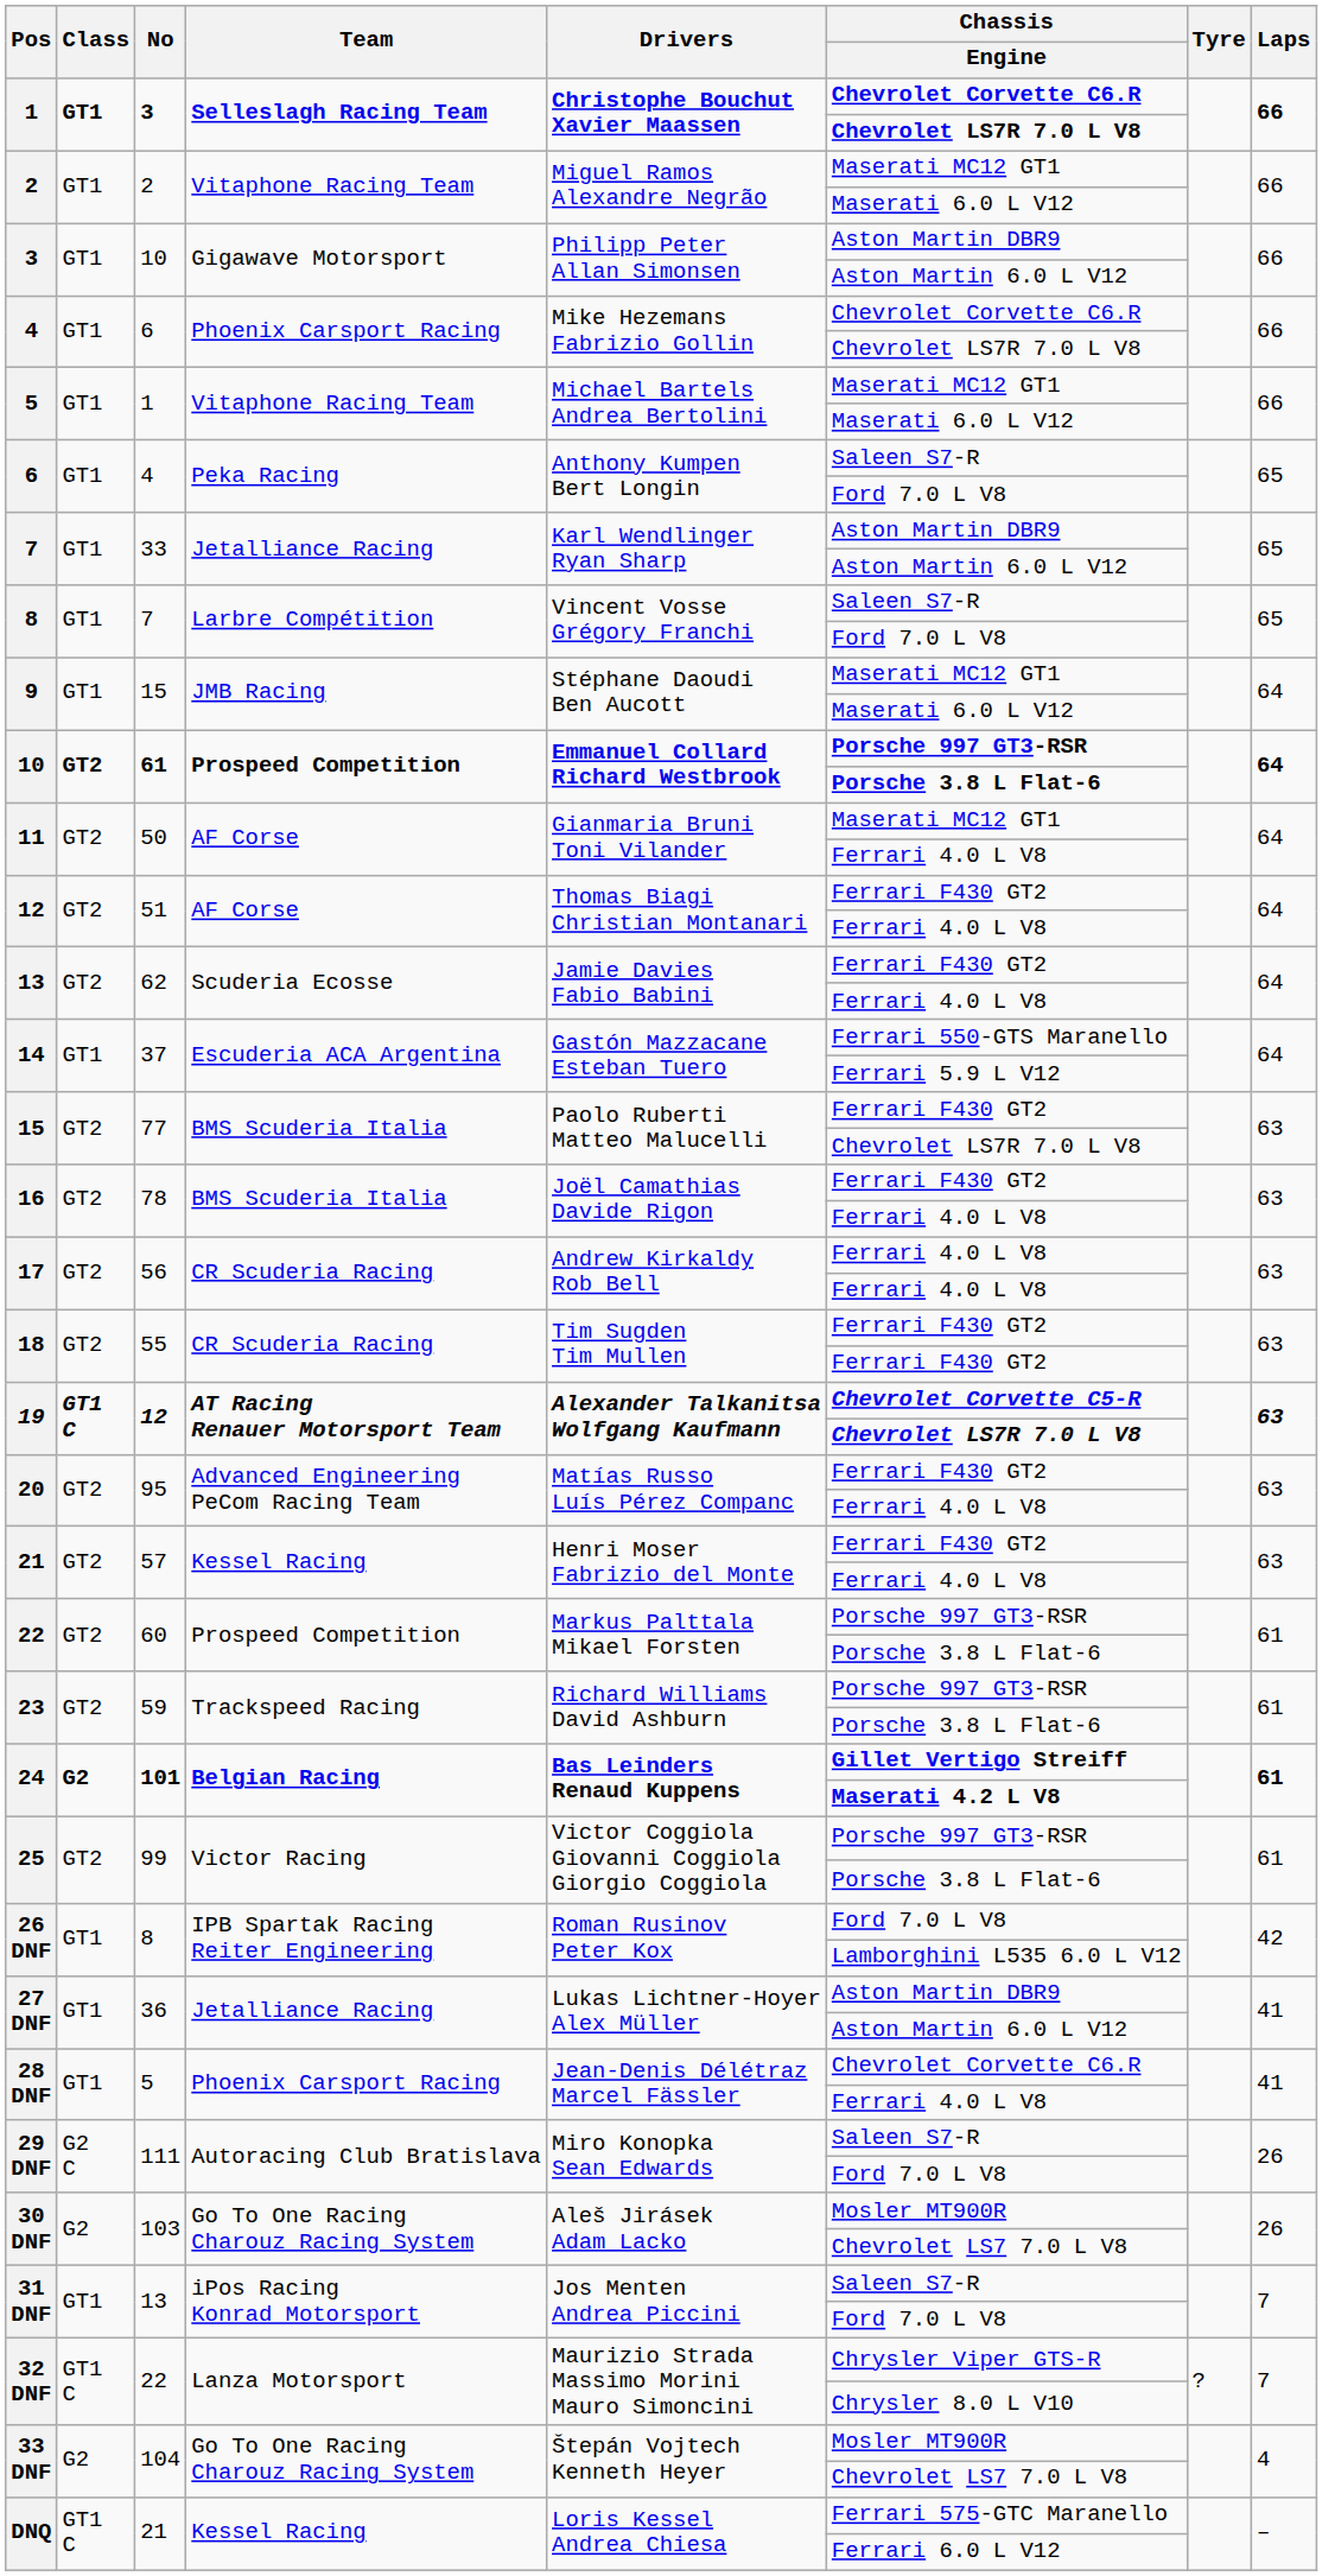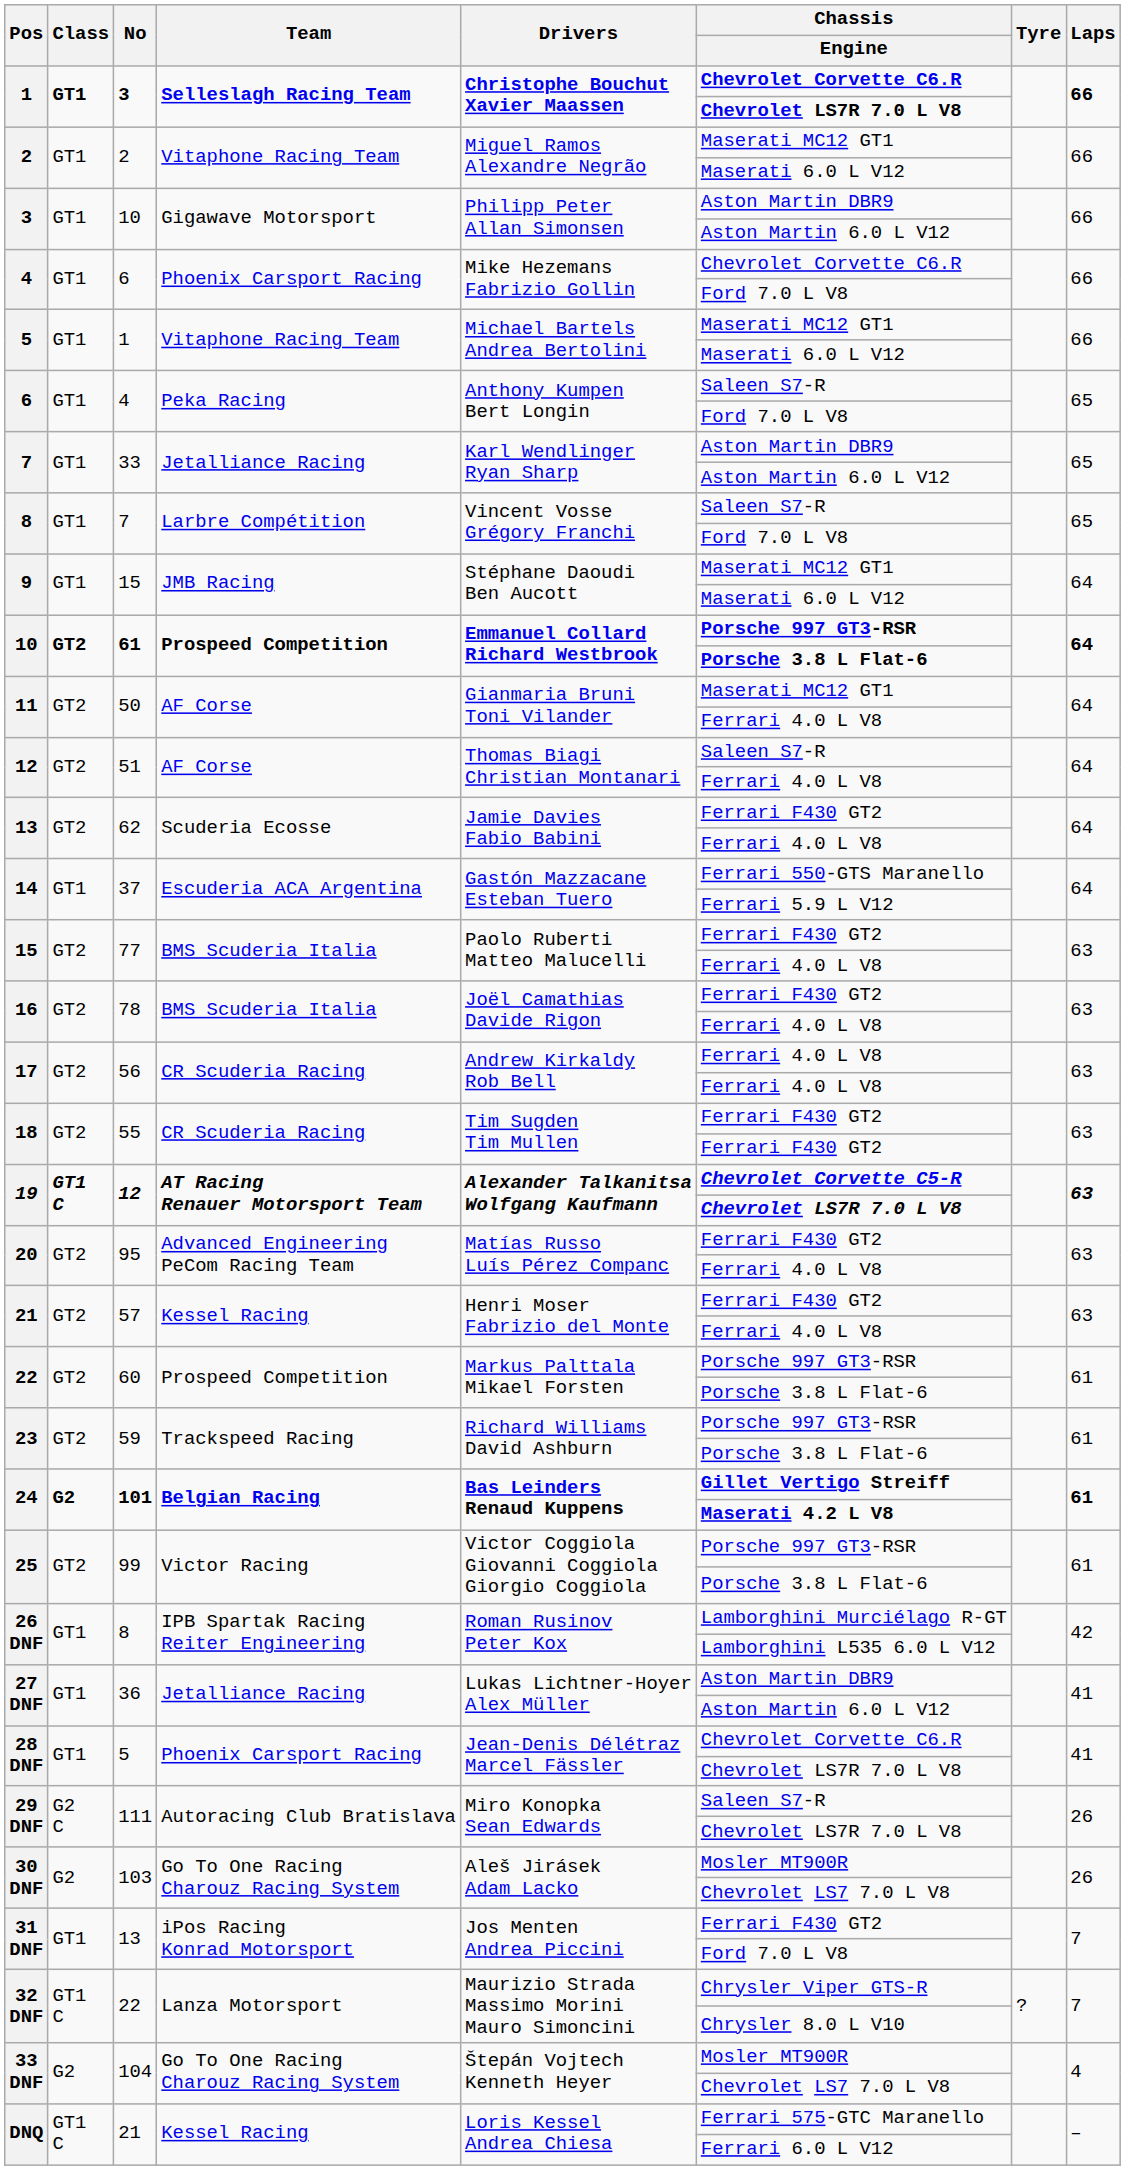 <table class="wikitable" style="font-size: 95%;">
 <tr>
 <th rowspan=2>Pos</th>
 <th rowspan=2>Class</th>
 <th rowspan=2>No</th>
 <th rowspan=2>Team</th>
 <th rowspan=2>Drivers</th>
 <th>Chassis</th>
 <th rowspan=2>Tyre</th>
 <th rowspan=2>Laps</th>
 </tr>
 <tr>
 <th>Engine</th>
 </tr>
 <tr style="font-weight:bold">
 <th rowspan=2>1</th>
 <td rowspan=2>GT1</td>
 <td rowspan=2>3</td>
 <td rowspan=2> <a href='#'>Selleslagh Racing Team</a></td>
 <td rowspan=2> <a href='#'>Christophe Bouchut</a><br> <a href='#'>Xavier Maassen</a></td>
 <td><a href='#'>Chevrolet Corvette C6.R</a></td>
 <td rowspan=2></td>
 <td rowspan=2>66</td>
 </tr>
 <tr style="font-weight:bold">
 <td><a href='#'>Chevrolet</a> LS7R 7.0 L V8</td>
 </tr>
 <tr>
 <th rowspan=2>2</th>
 <td rowspan=2>GT1</td>
 <td rowspan=2>2</td>
 <td rowspan=2> <a href='#'>Vitaphone Racing Team</a></td>
 <td rowspan=2> <a href='#'>Miguel Ramos</a><br> <a href='#'>Alexandre Negrão</a></td>
 <td><a href='#'>Maserati MC12</a> GT1</td>
 <td rowspan=2></td>
 <td rowspan=2>66</td>
 </tr>
 <tr>
 <td><a href='#'>Maserati</a> 6.0 L V12</td>
 </tr>
 <tr>
 <th rowspan=2>3</th>
 <td rowspan=2>GT1</td>
 <td rowspan=2>10</td>
 <td rowspan=2> Gigawave Motorsport</td>
 <td rowspan=2> <a href='#'>Philipp Peter</a><br> <a href='#'>Allan Simonsen</a></td>
 <td><a href='#'>Aston Martin DBR9</a></td>
 <td rowspan=2></td>
 <td rowspan=2>66</td>
 </tr>
 <tr>
 <td><a href='#'>Aston Martin</a> 6.0 L V12</td>
 </tr>
 <tr>
 <th rowspan=2>4</th>
 <td rowspan=2>GT1</td>
 <td rowspan=2>6</td>
 <td rowspan=2> <a href='#'>Phoenix Carsport Racing</a></td>
 <td rowspan=2> Mike Hezemans<br> <a href='#'>Fabrizio Gollin</a></td>
 <td><a href='#'>Chevrolet Corvette C6.R</a></td>
 <td rowspan=2></td>
 <td rowspan=2>66</td>
 </tr>
 <tr>
-<td><a href='#'>Chevrolet</a> LS7R 7.0 L V8</td>
+<td><a href='#'>Ford</a> 7.0 L V8</td>
 </tr>
 <tr>
 <th rowspan=2>5</th>
 <td rowspan=2>GT1</td>
 <td rowspan=2>1</td>
 <td rowspan=2> <a href='#'>Vitaphone Racing Team</a></td>
 <td rowspan=2> <a href='#'>Michael Bartels</a><br> <a href='#'>Andrea Bertolini</a></td>
 <td><a href='#'>Maserati MC12</a> GT1</td>
 <td rowspan=2></td>
 <td rowspan=2>66</td>
 </tr>
 <tr>
 <td><a href='#'>Maserati</a> 6.0 L V12</td>
 </tr>
 <tr>
 <th rowspan=2>6</th>
 <td rowspan=2>GT1</td>
 <td rowspan=2>4</td>
 <td rowspan=2> <a href='#'>Peka Racing</a></td>
 <td rowspan=2> <a href='#'>Anthony Kumpen</a><br> Bert Longin</td>
 <td><a href='#'>Saleen S7</a>-R</td>
 <td rowspan=2></td>
 <td rowspan=2>65</td>
 </tr>
 <tr>
 <td><a href='#'>Ford</a> 7.0 L V8</td>
 </tr>
 <tr>
 <th rowspan=2>7</th>
 <td rowspan=2>GT1</td>
 <td rowspan=2>33</td>
 <td rowspan=2> <a href='#'>Jetalliance Racing</a></td>
 <td rowspan=2> <a href='#'>Karl Wendlinger</a><br> <a href='#'>Ryan Sharp</a></td>
 <td><a href='#'>Aston Martin DBR9</a></td>
 <td rowspan=2></td>
 <td rowspan=2>65</td>
 </tr>
 <tr>
 <td><a href='#'>Aston Martin</a> 6.0 L V12</td>
 </tr>
 <tr>
 <th rowspan=2>8</th>
 <td rowspan=2>GT1</td>
 <td rowspan=2>7</td>
 <td rowspan=2> <a href='#'>Larbre Compétition</a></td>
 <td rowspan=2> Vincent Vosse<br> <a href='#'>Grégory Franchi</a></td>
 <td><a href='#'>Saleen S7</a>-R</td>
 <td rowspan=2></td>
 <td rowspan=2>65</td>
 </tr>
 <tr>
 <td><a href='#'>Ford</a> 7.0 L V8</td>
 </tr>
 <tr>
 <th rowspan=2>9</th>
 <td rowspan=2>GT1</td>
 <td rowspan=2>15</td>
 <td rowspan=2> <a href='#'>JMB Racing</a></td>
 <td rowspan=2> Stéphane Daoudi<br> Ben Aucott</td>
 <td><a href='#'>Maserati MC12</a> GT1</td>
 <td rowspan=2></td>
 <td rowspan=2>64</td>
 </tr>
 <tr>
 <td><a href='#'>Maserati</a> 6.0 L V12</td>
 </tr>
 <tr style="font-weight:bold">
 <th rowspan=2>10</th>
 <td rowspan=2>GT2</td>
 <td rowspan=2>61</td>
 <td rowspan=2> Prospeed Competition</td>
 <td rowspan=2> <a href='#'>Emmanuel Collard</a><br> <a href='#'>Richard Westbrook</a></td>
 <td><a href='#'>Porsche 997 GT3</a>-RSR</td>
 <td rowspan=2></td>
 <td rowspan=2>64</td>
 </tr>
 <tr style="font-weight:bold">
 <td><a href='#'>Porsche</a> 3.8 L Flat-6</td>
 </tr>
 <tr>
 <th rowspan=2>11</th>
 <td rowspan=2>GT2</td>
 <td rowspan=2>50</td>
 <td rowspan=2> <a href='#'>AF Corse</a></td>
 <td rowspan=2> <a href='#'>Gianmaria Bruni</a><br> <a href='#'>Toni Vilander</a></td>
 <td><a href='#'>Maserati MC12</a> GT1</td>
 <td rowspan=2></td>
 <td rowspan=2>64</td>
 </tr>
 <tr>
 <td><a href='#'>Ferrari</a> 4.0 L V8</td>
 </tr>
 <tr>
 <th rowspan=2>12</th>
 <td rowspan=2>GT2</td>
 <td rowspan=2>51</td>
 <td rowspan=2> <a href='#'>AF Corse</a></td>
 <td rowspan=2> <a href='#'>Thomas Biagi</a><br> <a href='#'>Christian Montanari</a></td>
-<td><a href='#'>Ferrari F430</a> GT2</td>
+<td><a href='#'>Saleen S7</a>-R</td>
 <td rowspan=2></td>
 <td rowspan=2>64</td>
 </tr>
 <tr>
 <td><a href='#'>Ferrari</a> 4.0 L V8</td>
 </tr>
 <tr>
 <th rowspan=2>13</th>
 <td rowspan=2>GT2</td>
 <td rowspan=2>62</td>
 <td rowspan=2> Scuderia Ecosse</td>
 <td rowspan=2> <a href='#'>Jamie Davies</a><br> <a href='#'>Fabio Babini</a></td>
 <td><a href='#'>Ferrari F430</a> GT2</td>
 <td rowspan=2></td>
 <td rowspan=2>64</td>
 </tr>
 <tr>
 <td><a href='#'>Ferrari</a> 4.0 L V8</td>
 </tr>
 <tr>
 <th rowspan=2>14</th>
 <td rowspan=2>GT1</td>
 <td rowspan=2>37</td>
 <td rowspan=2> <a href='#'>Escuderia ACA Argentina</a></td>
 <td rowspan=2> <a href='#'>Gastón Mazzacane</a><br> <a href='#'>Esteban Tuero</a></td>
 <td><a href='#'>Ferrari 550</a>-GTS Maranello</td>
 <td rowspan=2></td>
 <td rowspan=2>64</td>
 </tr>
 <tr>
 <td><a href='#'>Ferrari</a> 5.9 L V12</td>
 </tr>
 <tr>
 <th rowspan=2>15</th>
 <td rowspan=2>GT2</td>
 <td rowspan=2>77</td>
 <td rowspan=2> <a href='#'>BMS Scuderia Italia</a></td>
 <td rowspan=2> Paolo Ruberti<br> Matteo Malucelli</td>
 <td><a href='#'>Ferrari F430</a> GT2</td>
 <td rowspan=2></td>
 <td rowspan=2>63</td>
 </tr>
 <tr>
-<td><a href='#'>Chevrolet</a> LS7R 7.0 L V8</td>
+<td><a href='#'>Ferrari</a> 4.0 L V8</td>
 </tr>
 <tr>
 <th rowspan=2>16</th>
 <td rowspan=2>GT2</td>
 <td rowspan=2>78</td>
 <td rowspan=2> <a href='#'>BMS Scuderia Italia</a></td>
 <td rowspan=2> <a href='#'>Joël Camathias</a><br> <a href='#'>Davide Rigon</a></td>
 <td><a href='#'>Ferrari F430</a> GT2</td>
 <td rowspan=2></td>
 <td rowspan=2>63</td>
 </tr>
 <tr>
 <td><a href='#'>Ferrari</a> 4.0 L V8</td>
 </tr>
 <tr>
 <th rowspan=2>17</th>
 <td rowspan=2>GT2</td>
 <td rowspan=2>56</td>
 <td rowspan=2> <a href='#'>CR Scuderia Racing</a></td>
 <td rowspan=2> <a href='#'>Andrew Kirkaldy</a><br> <a href='#'>Rob Bell</a></td>
 <td><a href='#'>Ferrari</a> 4.0 L V8</td>
 <td rowspan=2></td>
 <td rowspan=2>63</td>
 </tr>
 <tr>
 <td><a href='#'>Ferrari</a> 4.0 L V8</td>
 </tr>
 <tr>
 <th rowspan=2>18</th>
 <td rowspan=2>GT2</td>
 <td rowspan=2>55</td>
 <td rowspan=2> <a href='#'>CR Scuderia Racing</a></td>
 <td rowspan=2> <a href='#'>Tim Sugden</a><br> <a href='#'>Tim Mullen</a></td>
 <td><a href='#'>Ferrari F430</a> GT2</td>
 <td rowspan=2></td>
 <td rowspan=2>63</td>
 </tr>
 <tr>
 <td><a href='#'>Ferrari F430</a> GT2</td>
 </tr>
 <tr style="font-weight:bold">
 <th rowspan=2><em>19</em></th>
 <td rowspan=2><em>GT1<br>C</em></td>
 <td rowspan=2><em>12</em></td>
 <td rowspan=2><em> AT Racing<br> Renauer Motorsport Team</em></td>
 <td rowspan=2><em> Alexander Talkanitsa<br> Wolfgang Kaufmann</em></td>
 <td><em><a href='#'>Chevrolet Corvette C5-R</a></em></td>
 <td rowspan=2></td>
 <td rowspan=2><em>63</em></td>
 </tr>
 <tr style="font-weight:bold">
 <td><em><a href='#'>Chevrolet</a> LS7R 7.0 L V8</em></td>
 </tr>
 <tr>
 <th rowspan=2>20</th>
 <td rowspan=2>GT2</td>
 <td rowspan=2>95</td>
 <td rowspan=2> <a href='#'>Advanced Engineering</a><br> PeCom Racing Team</td>
 <td rowspan=2> <a href='#'>Matías Russo</a><br> <a href='#'>Luís Pérez Companc</a></td>
 <td><a href='#'>Ferrari F430</a> GT2</td>
 <td rowspan=2></td>
 <td rowspan=2>63</td>
 </tr>
 <tr>
 <td><a href='#'>Ferrari</a> 4.0 L V8</td>
 </tr>
 <tr>
 <th rowspan=2>21</th>
 <td rowspan=2>GT2</td>
 <td rowspan=2>57</td>
 <td rowspan=2> <a href='#'>Kessel Racing</a></td>
 <td rowspan=2> Henri Moser<br> <a href='#'>Fabrizio del Monte</a></td>
 <td><a href='#'>Ferrari F430</a> GT2</td>
 <td rowspan=2></td>
 <td rowspan=2>63</td>
 </tr>
 <tr>
 <td><a href='#'>Ferrari</a> 4.0 L V8</td>
 </tr>
 <tr>
 <th rowspan=2>22</th>
 <td rowspan=2>GT2</td>
 <td rowspan=2>60</td>
 <td rowspan=2> Prospeed Competition</td>
 <td rowspan=2> <a href='#'>Markus Palttala</a><br> Mikael Forsten</td>
 <td><a href='#'>Porsche 997 GT3</a>-RSR</td>
 <td rowspan=2></td>
 <td rowspan=2>61</td>
 </tr>
 <tr>
 <td><a href='#'>Porsche</a> 3.8 L Flat-6</td>
 </tr>
 <tr>
 <th rowspan=2>23</th>
 <td rowspan=2>GT2</td>
 <td rowspan=2>59</td>
 <td rowspan=2> Trackspeed Racing</td>
 <td rowspan=2> <a href='#'>Richard Williams</a><br> David Ashburn</td>
 <td><a href='#'>Porsche 997 GT3</a>-RSR</td>
 <td rowspan=2></td>
 <td rowspan=2>61</td>
 </tr>
 <tr>
 <td><a href='#'>Porsche</a> 3.8 L Flat-6</td>
 </tr>
 <tr style="font-weight:bold">
 <th rowspan=2>24</th>
 <td rowspan=2>G2</td>
 <td rowspan=2>101</td>
 <td rowspan=2> <a href='#'>Belgian Racing</a></td>
 <td rowspan=2> <a href='#'>Bas Leinders</a><br> Renaud Kuppens</td>
 <td><a href='#'>Gillet Vertigo</a> Streiff</td>
 <td rowspan=2></td>
 <td rowspan=2>61</td>
 </tr>
 <tr style="font-weight:bold">
 <td><a href='#'>Maserati</a> 4.2 L V8</td>
 </tr>
 <tr>
 <th rowspan=2>25</th>
 <td rowspan=2>GT2</td>
 <td rowspan=2>99</td>
 <td rowspan=2> Victor Racing</td>
 <td rowspan=2> Victor Coggiola<br> Giovanni Coggiola<br> Giorgio Coggiola</td>
 <td><a href='#'>Porsche 997 GT3</a>-RSR</td>
 <td rowspan=2></td>
 <td rowspan=2>61</td>
 </tr>
 <tr>
 <td><a href='#'>Porsche</a> 3.8 L Flat-6</td>
 </tr>
 <tr>
 <th rowspan=2>26<br>DNF</th>
 <td rowspan=2>GT1</td>
 <td rowspan=2>8</td>
 <td rowspan=2> IPB Spartak Racing<br> <a href='#'>Reiter Engineering</a></td>
 <td rowspan=2> <a href='#'>Roman Rusinov</a><br> <a href='#'>Peter Kox</a></td>
-<td><a href='#'>Ford</a> 7.0 L V8</td>
+<td><a href='#'>Lamborghini Murciélago</a> R-GT</td>
 <td rowspan=2></td>
 <td rowspan=2>42</td>
 </tr>
 <tr>
 <td><a href='#'>Lamborghini</a> L535 6.0 L V12</td>
 </tr>
 <tr>
 <th rowspan=2>27<br>DNF</th>
 <td rowspan=2>GT1</td>
 <td rowspan=2>36</td>
 <td rowspan=2> <a href='#'>Jetalliance Racing</a></td>
 <td rowspan=2> Lukas Lichtner-Hoyer<br> <a href='#'>Alex Müller</a></td>
 <td><a href='#'>Aston Martin DBR9</a></td>
 <td rowspan=2></td>
 <td rowspan=2>41</td>
 </tr>
 <tr>
 <td><a href='#'>Aston Martin</a> 6.0 L V12</td>
 </tr>
 <tr>
 <th rowspan=2>28<br>DNF</th>
 <td rowspan=2>GT1</td>
 <td rowspan=2>5</td>
 <td rowspan=2> <a href='#'>Phoenix Carsport Racing</a></td>
 <td rowspan=2> <a href='#'>Jean-Denis Délétraz</a><br> <a href='#'>Marcel Fässler</a></td>
 <td><a href='#'>Chevrolet Corvette C6.R</a></td>
 <td rowspan=2></td>
 <td rowspan=2>41</td>
 </tr>
 <tr>
-<td><a href='#'>Ferrari</a> 4.0 L V8</td>
+<td><a href='#'>Chevrolet</a> LS7R 7.0 L V8</td>
 </tr>
 <tr>
 <th rowspan=2>29<br>DNF</th>
 <td rowspan=2>G2<br>C</td>
 <td rowspan=2>111</td>
 <td rowspan=2> Autoracing Club Bratislava</td>
 <td rowspan=2> Miro Konopka<br> <a href='#'>Sean Edwards</a></td>
 <td><a href='#'>Saleen S7</a>-R</td>
 <td rowspan=2></td>
 <td rowspan=2>26</td>
 </tr>
 <tr>
-<td><a href='#'>Ford</a> 7.0 L V8</td>
+<td><a href='#'>Chevrolet</a> LS7R 7.0 L V8</td>
 </tr>
 <tr>
 <th rowspan=2>30<br>DNF</th>
 <td rowspan=2>G2</td>
 <td rowspan=2>103</td>
 <td rowspan=2> Go To One Racing<br> <a href='#'>Charouz Racing System</a></td>
 <td rowspan=2> Aleš Jirásek<br> <a href='#'>Adam Lacko</a></td>
 <td><a href='#'>Mosler MT900R</a></td>
 <td rowspan=2></td>
 <td rowspan=2>26</td>
 </tr>
 <tr>
 <td><a href='#'>Chevrolet</a> <a href='#'>LS7</a> 7.0 L V8</td>
 </tr>
 <tr>
 <th rowspan=2>31<br>DNF</th>
 <td rowspan=2>GT1</td>
 <td rowspan=2>13</td>
 <td rowspan=2> iPos Racing<br> <a href='#'>Konrad Motorsport</a></td>
 <td rowspan=2> Jos Menten<br> <a href='#'>Andrea Piccini</a></td>
-<td><a href='#'>Saleen S7</a>-R</td>
+<td><a href='#'>Ferrari F430</a> GT2</td>
 <td rowspan=2></td>
 <td rowspan=2>7</td>
 </tr>
 <tr>
 <td><a href='#'>Ford</a> 7.0 L V8</td>
 </tr>
 <tr>
 <th rowspan=2>32<br>DNF</th>
 <td rowspan=2>GT1<br>C</td>
 <td rowspan=2>22</td>
 <td rowspan=2> Lanza Motorsport</td>
 <td rowspan=2> Maurizio Strada<br> Massimo Morini<br> Mauro Simoncini</td>
 <td><a href='#'>Chrysler Viper GTS-R</a></td>
 <td rowspan=2>?</td>
 <td rowspan=2>7</td>
 </tr>
 <tr>
 <td><a href='#'>Chrysler</a> 8.0 L V10</td>
 </tr>
 <tr>
 <th rowspan=2>33<br>DNF</th>
 <td rowspan=2>G2</td>
 <td rowspan=2>104</td>
 <td rowspan=2> Go To One Racing<br> <a href='#'>Charouz Racing System</a></td>
 <td rowspan=2> Štepán Vojtech<br> Kenneth Heyer</td>
 <td><a href='#'>Mosler MT900R</a></td>
 <td rowspan=2></td>
 <td rowspan=2>4</td>
 </tr>
 <tr>
 <td><a href='#'>Chevrolet</a> <a href='#'>LS7</a> 7.0 L V8</td>
 </tr>
 <tr>
 <th rowspan=2>DNQ</th>
 <td rowspan=2>GT1<br>C</td>
 <td rowspan=2>21</td>
 <td rowspan=2> <a href='#'>Kessel Racing</a></td>
 <td rowspan=2> <a href='#'>Loris Kessel</a><br> <a href='#'>Andrea Chiesa</a></td>
 <td><a href='#'>Ferrari 575</a>-GTC Maranello</td>
 <td rowspan=2></td>
 <td rowspan=2>–</td>
 </tr>
 <tr>
 <td><a href='#'>Ferrari</a> 6.0 L V12</td>
 </tr>
 </table>
